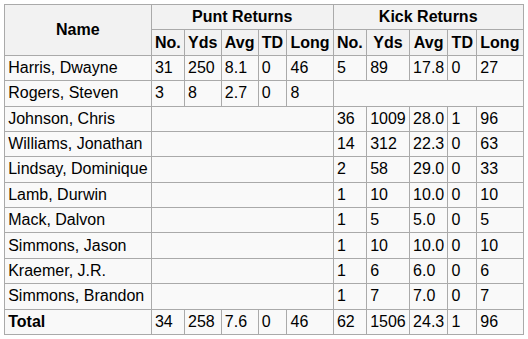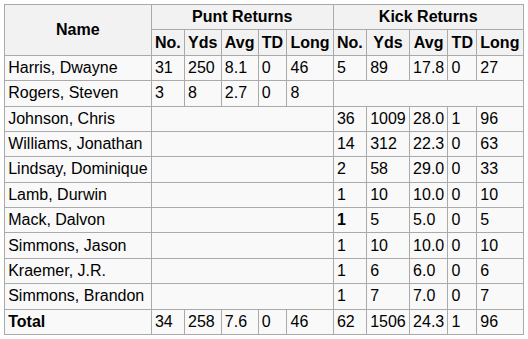 <table class="wikitable" style="white-space:nowrap;">
 <tr>
 <th rowspan="2">Name</th>
 <th colspan="5">Punt Returns</th>
 <th colspan="5">Kick Returns</th>
 </tr>
 <tr>
 <th>No.</th>
 <th>Yds</th>
 <th>Avg</th>
 <th>TD</th>
 <th>Long</th>
 <th>No.</th>
 <th>Yds</th>
 <th>Avg</th>
 <th>TD</th>
 <th>Long</th>
 </tr>
 <tr>
 <td>Harris, Dwayne</td>
 <td>31</td>
 <td>250</td>
 <td>8.1</td>
 <td>0</td>
 <td>46</td>
 <td>5</td>
 <td>89</td>
 <td>17.8</td>
 <td>0</td>
 <td>27</td>
 </tr>
 <tr>
 <td>Rogers, Steven</td>
 <td>3</td>
 <td>8</td>
 <td>2.7</td>
 <td>0</td>
 <td>8</td>
 <td colspan="5"></td>
 </tr>
 <tr>
 <td>Johnson, Chris</td>
 <td colspan="5"></td>
 <td>36</td>
 <td>1009</td>
 <td>28.0</td>
 <td>1</td>
 <td>96</td>
 </tr>
 <tr>
 <td>Williams, Jonathan</td>
 <td colspan="5"></td>
 <td>14</td>
 <td>312</td>
 <td>22.3</td>
 <td>0</td>
 <td>63</td>
 </tr>
 <tr>
 <td>Lindsay, Dominique</td>
 <td colspan="5"></td>
 <td>2</td>
 <td>58</td>
 <td>29.0</td>
 <td>0</td>
 <td>33</td>
 </tr>
 <tr>
 <td>Lamb, Durwin</td>
 <td colspan="5"></td>
 <td>1</td>
 <td>10</td>
 <td>10.0</td>
 <td>0</td>
 <td>10</td>
 </tr>
 <tr>
 <td>Mack, Dalvon</td>
 <td colspan="5"></td>
-<td>1</td>
+<td><strong>1</strong></td>
 <td>5</td>
 <td>5.0</td>
 <td>0</td>
 <td>5</td>
 </tr>
 <tr>
 <td>Simmons, Jason</td>
 <td colspan="5"></td>
 <td>1</td>
 <td>10</td>
 <td>10.0</td>
 <td>0</td>
 <td>10</td>
 </tr>
 <tr>
 <td>Kraemer, J.R.</td>
 <td colspan="5"></td>
 <td>1</td>
 <td>6</td>
 <td>6.0</td>
 <td>0</td>
 <td>6</td>
 </tr>
 <tr>
 <td>Simmons, Brandon</td>
 <td colspan="5"></td>
 <td>1</td>
 <td>7</td>
 <td>7.0</td>
 <td>0</td>
 <td>7</td>
 </tr>
 <tr>
 <td><strong>Total</strong></td>
 <td>34</td>
 <td>258</td>
 <td>7.6</td>
 <td>0</td>
 <td>46</td>
 <td>62</td>
 <td>1506</td>
 <td>24.3</td>
 <td>1</td>
 <td>96</td>
 </tr>
 </table>
